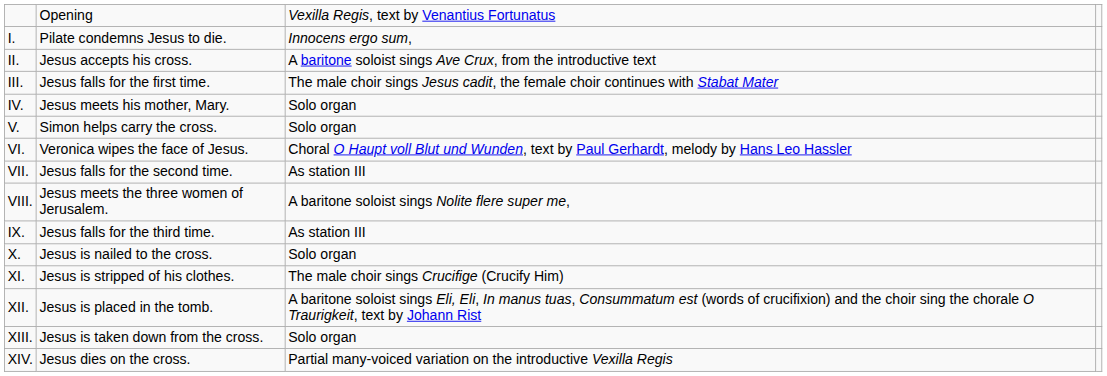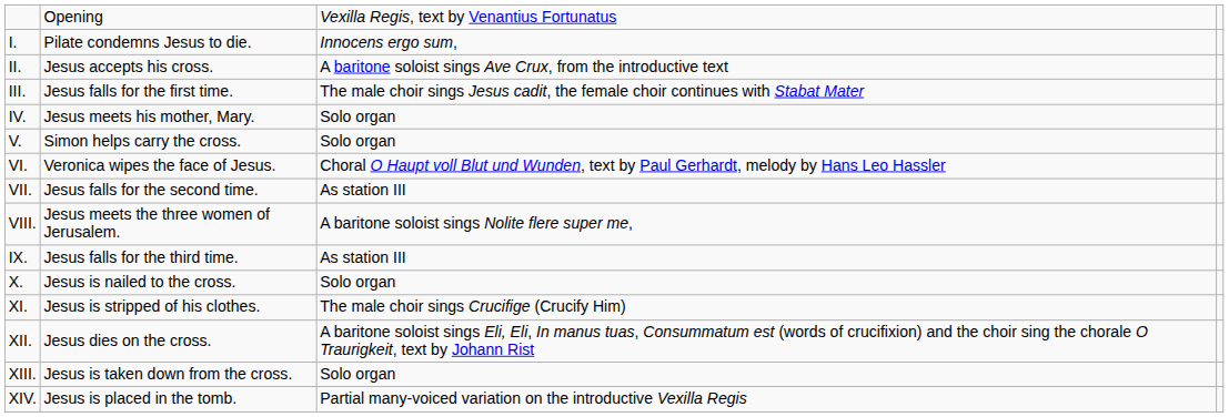 <table class="wikitable">
 <tr>
 <td></td>
 <td>Opening</td>
 <td><em>Vexilla Regis</em>, text by <a href='#'>Venantius Fortunatus</a></td>
 </tr>
 <tr>
 <td>I.</td>
 <td>Pilate condemns Jesus to die.</td>
 <td><em>Innocens ergo sum</em>, </td>
 <td></td>
 </tr>
 <tr>
 <td>II.</td>
 <td>Jesus accepts his cross.</td>
 <td>A <a href='#'>baritone</a> soloist sings <em>Ave Crux</em>, from the introductive text</td>
 <td></td>
 </tr>
 <tr>
 <td>III.</td>
 <td>Jesus falls for the first time.</td>
 <td>The male choir sings <em>Jesus cadit</em>, the female choir continues with <em><a href='#'>Stabat Mater</a></em></td>
 <td></td>
 </tr>
 <tr>
 <td>IV.</td>
 <td>Jesus meets his mother, Mary.</td>
 <td>Solo organ</td>
 <td></td>
 </tr>
 <tr>
 <td>V.</td>
 <td>Simon helps carry the cross.</td>
 <td>Solo organ</td>
 <td></td>
 </tr>
 <tr>
 <td>VI.</td>
 <td>Veronica wipes the face of Jesus.</td>
 <td>Choral <em><a href='#'>O Haupt voll Blut und Wunden</a></em>, text by <a href='#'>Paul Gerhardt</a>, melody by <a href='#'>Hans Leo Hassler</a></td>
 <td></td>
 </tr>
 <tr>
 <td>VII.</td>
 <td>Jesus falls for the second time.</td>
 <td>As station III</td>
 <td></td>
 </tr>
 <tr>
 <td>VIII.</td>
 <td>Jesus meets the three women of Jerusalem.</td>
 <td>A baritone soloist sings <em>Nolite flere super me</em>, </td>
 <td></td>
 </tr>
 <tr>
 <td>IX.</td>
 <td>Jesus falls for the third time.</td>
 <td>As station III</td>
 <td></td>
 </tr>
 <tr>
 <td>X.</td>
 <td>Jesus is nailed to the cross.</td>
 <td>Solo organ</td>
 <td></td>
 </tr>
 <tr>
 <td>XI.</td>
 <td>Jesus is stripped of his clothes.</td>
 <td>The male choir sings <em>Crucifige</em> (Crucify Him)</td>
 <td></td>
 </tr>
 <tr>
 <td>XII.</td>
-<td>Jesus is placed in the tomb.</td>
+<td>Jesus dies on the cross.</td>
 <td>A baritone soloist sings <em>Eli, Eli</em>, <em>In manus tuas</em>, <em>Consummatum est</em> (words of crucifixion) and the choir sing the chorale <em>O Traurigkeit</em>, text by <a href='#'>Johann Rist</a></td>
 <td></td>
 </tr>
 <tr>
 <td>XIII.</td>
 <td>Jesus is taken down from the cross.</td>
 <td>Solo organ</td>
 <td></td>
 </tr>
 <tr>
 <td>XIV.</td>
-<td>Jesus dies on the cross.</td>
+<td>Jesus is placed in the tomb.</td>
 <td>Partial many-voiced variation on the introductive <em>Vexilla Regis</em></td>
 <td></td>
 </tr>
 </table>
